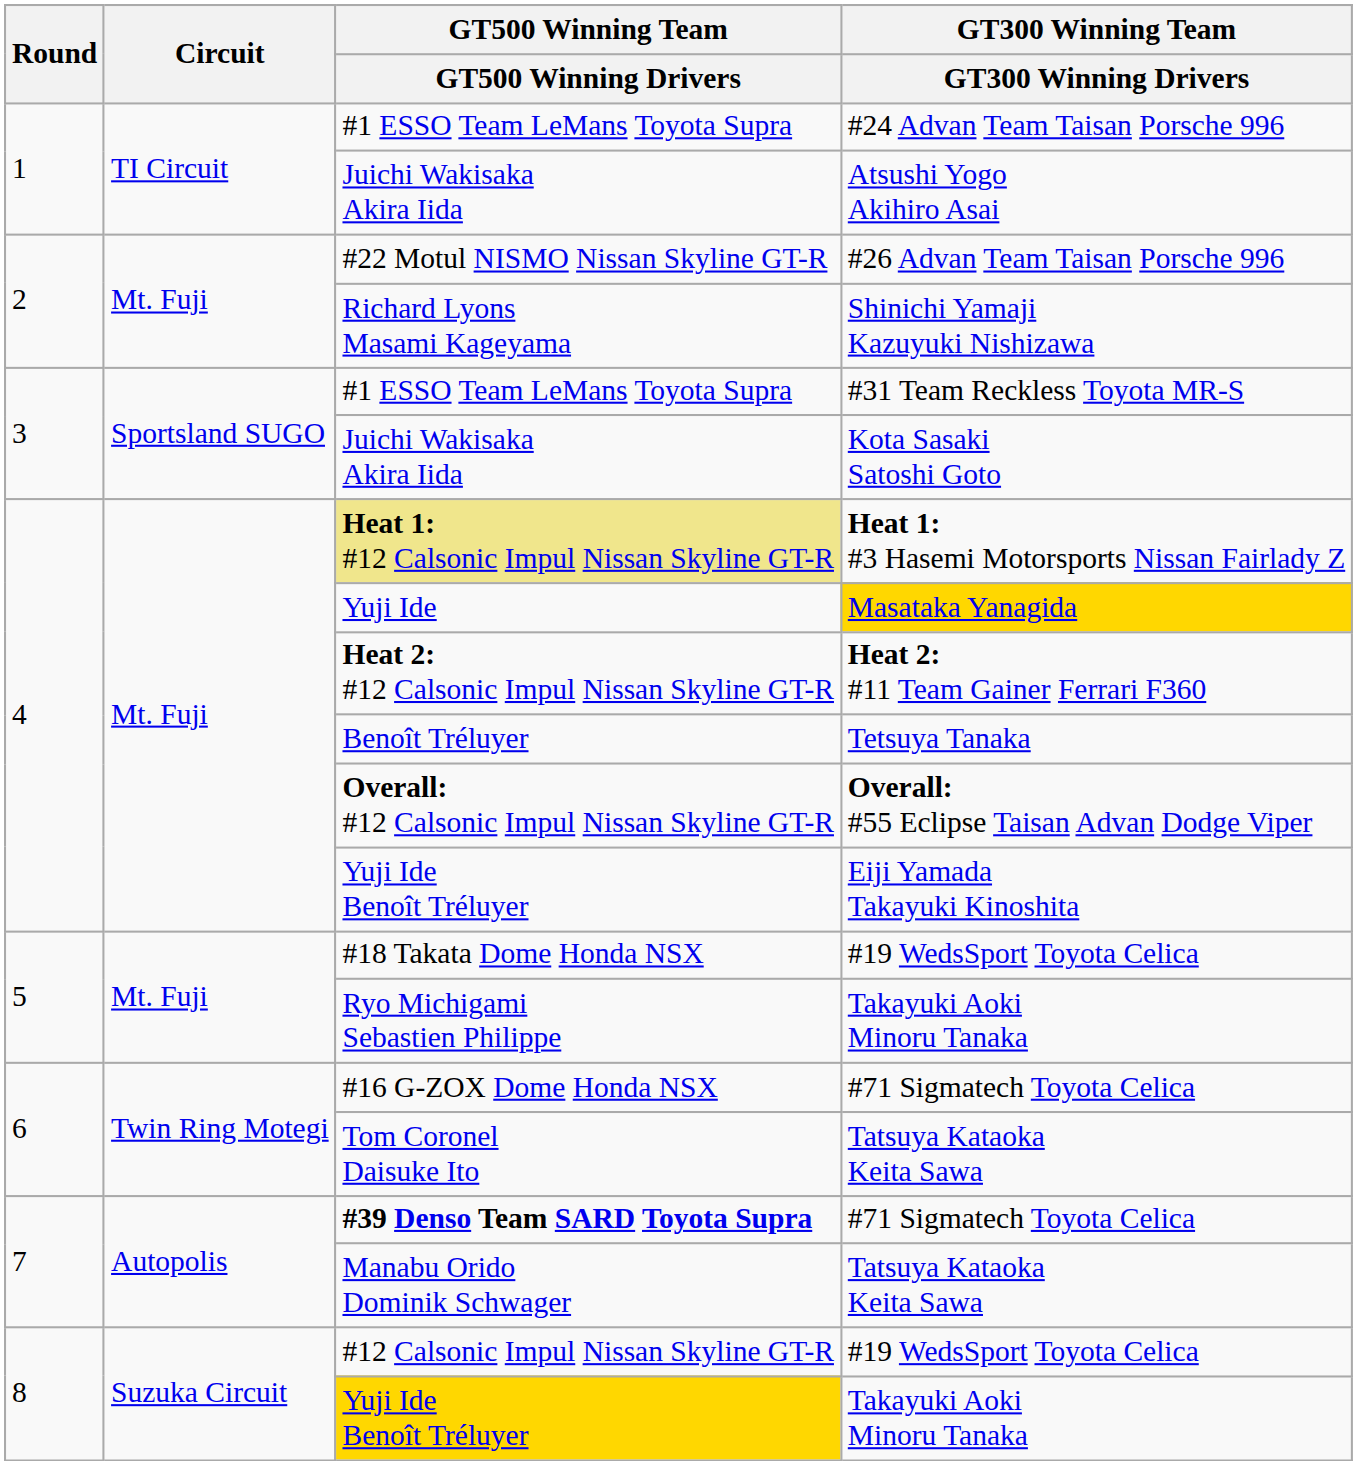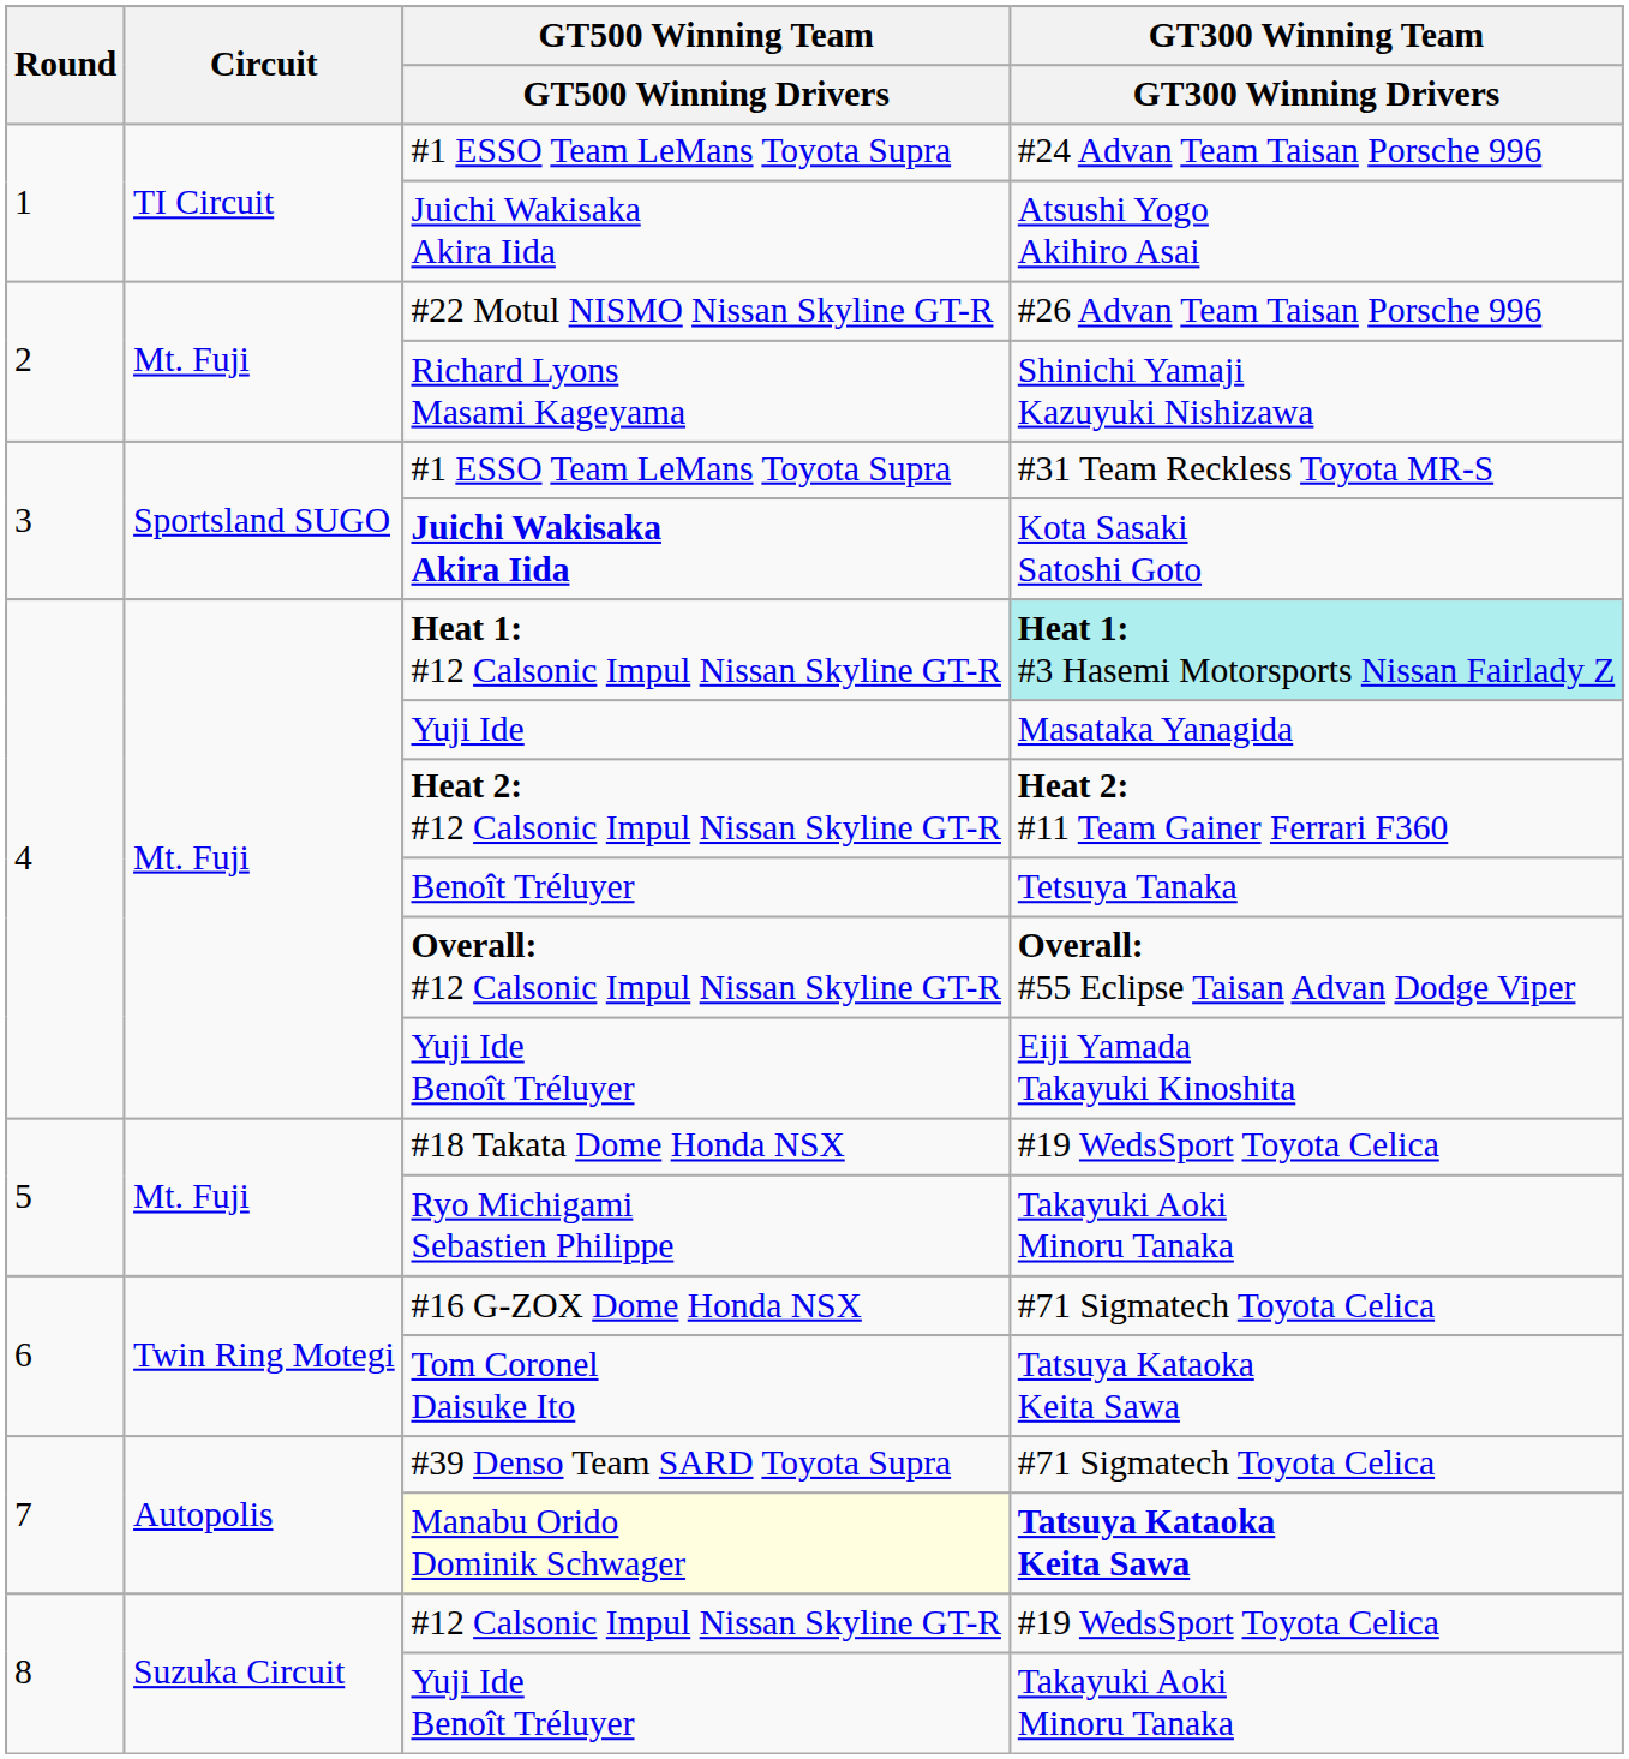 <table class="wikitable" style="font-size: 90%;">
 <tr>
 <th rowspan=2>Round</th>
 <th rowspan=2>Circuit</th>
 <th>GT500 Winning Team</th>
 <th>GT300 Winning Team</th>
 </tr>
 <tr>
 <th>GT500 Winning Drivers</th>
 <th>GT300 Winning Drivers</th>
 </tr>
 <tr>
 <td rowspan=2>1</td>
 <td rowspan=2><a href='#'>TI Circuit</a></td>
 <td>#1 <a href='#'>ESSO</a> <a href='#'>Team LeMans</a>  <a href='#'>Toyota Supra</a></td>
 <td>#24 <a href='#'>Advan</a> <a href='#'>Team Taisan</a> <a href='#'>Porsche 996</a></td>
 </tr>
 <tr>
 <td> <a href='#'>Juichi Wakisaka</a><br> <a href='#'>Akira Iida</a></td>
 <td> <a href='#'>Atsushi Yogo</a><br> <a href='#'>Akihiro Asai</a></td>
 </tr>
 <tr>
 <td rowspan=2>2</td>
 <td rowspan=2><a href='#'>Mt. Fuji</a></td>
 <td>#22 Motul <a href='#'>NISMO</a> <a href='#'>Nissan Skyline GT-R</a></td>
 <td>#26 <a href='#'>Advan</a> <a href='#'>Team Taisan</a> <a href='#'>Porsche 996</a></td>
 </tr>
 <tr>
 <td> <a href='#'>Richard Lyons</a><br> <a href='#'>Masami Kageyama</a></td>
 <td> <a href='#'>Shinichi Yamaji</a><br> <a href='#'>Kazuyuki Nishizawa</a></td>
 </tr>
 <tr>
 <td rowspan=2>3</td>
 <td rowspan=2><a href='#'>Sportsland SUGO</a></td>
 <td>#1 <a href='#'>ESSO</a> <a href='#'>Team LeMans</a>  <a href='#'>Toyota Supra</a></td>
 <td>#31 Team Reckless <a href='#'>Toyota MR-S</a></td>
 </tr>
 <tr>
-<td> <a href='#'>Juichi Wakisaka</a><br> <a href='#'>Akira Iida</a></td>
+<td><strong> <a href='#'>Juichi Wakisaka</a><br> <a href='#'>Akira Iida</a></strong></td>
 <td> <a href='#'>Kota Sasaki</a><br> <a href='#'>Satoshi Goto</a></td>
 </tr>
 <tr>
 <td rowspan=6>4</td>
 <td rowspan=6><a href='#'>Mt. Fuji</a></td>
-<td style="background: khaki;"><strong>Heat 1:</strong><br>#12 <a href='#'>Calsonic</a> <a href='#'>Impul</a> <a href='#'>Nissan Skyline GT-R</a></td>
-<td><strong>Heat 1:</strong><br>#3 Hasemi Motorsports <a href='#'>Nissan Fairlady Z</a></td>
+<td><strong>Heat 1:</strong><br>#12 <a href='#'>Calsonic</a> <a href='#'>Impul</a> <a href='#'>Nissan Skyline GT-R</a></td>
+<td style="background: paleturquoise;"><strong>Heat 1:</strong><br>#3 Hasemi Motorsports <a href='#'>Nissan Fairlady Z</a></td>
 </tr>
 <tr>
 <td> <a href='#'>Yuji Ide</a></td>
-<td style="background: gold;"> <a href='#'>Masataka Yanagida</a></td>
+<td> <a href='#'>Masataka Yanagida</a></td>
 </tr>
 <tr>
 <td><strong>Heat 2:</strong><br>#12 <a href='#'>Calsonic</a> <a href='#'>Impul</a> <a href='#'>Nissan Skyline GT-R</a></td>
 <td><strong>Heat 2:</strong><br>#11 <a href='#'>Team Gainer</a> <a href='#'>Ferrari F360</a></td>
 </tr>
 <tr>
 <td> <a href='#'>Benoît Tréluyer</a></td>
 <td> <a href='#'>Tetsuya Tanaka</a></td>
 </tr>
 <tr>
 <td><strong>Overall:</strong><br>#12 <a href='#'>Calsonic</a> <a href='#'>Impul</a> <a href='#'>Nissan Skyline GT-R</a></td>
 <td><strong>Overall:</strong><br>#55 Eclipse <a href='#'>Taisan</a> <a href='#'>Advan</a> <a href='#'>Dodge Viper</a></td>
 </tr>
 <tr>
 <td> <a href='#'>Yuji Ide</a><br> <a href='#'>Benoît Tréluyer</a></td>
 <td> <a href='#'>Eiji Yamada</a><br> <a href='#'>Takayuki Kinoshita</a></td>
 </tr>
 <tr>
 <td rowspan=2>5</td>
 <td rowspan=2><a href='#'>Mt. Fuji</a></td>
 <td>#18 Takata <a href='#'>Dome</a> <a href='#'>Honda NSX</a></td>
 <td>#19 <a href='#'>WedsSport</a> <a href='#'>Toyota Celica</a></td>
 </tr>
 <tr>
 <td> <a href='#'>Ryo Michigami</a><br> <a href='#'>Sebastien Philippe</a></td>
 <td> <a href='#'>Takayuki Aoki</a><br> <a href='#'>Minoru Tanaka</a></td>
 </tr>
 <tr>
 <td rowspan=2>6</td>
 <td rowspan=2><a href='#'>Twin Ring Motegi</a></td>
 <td>#16 G-ZOX <a href='#'>Dome</a> <a href='#'>Honda NSX</a></td>
 <td>#71 Sigmatech <a href='#'>Toyota Celica</a></td>
 </tr>
 <tr>
 <td> <a href='#'>Tom Coronel</a><br> <a href='#'>Daisuke Ito</a></td>
 <td> <a href='#'>Tatsuya Kataoka</a><br> <a href='#'>Keita Sawa</a></td>
 </tr>
 <tr>
 <td rowspan=2>7</td>
 <td rowspan=2><a href='#'>Autopolis</a></td>
-<td><strong>#39 <a href='#'>Denso</a> Team <a href='#'>SARD</a> <a href='#'>Toyota Supra</a></strong></td>
+<td>#39 <a href='#'>Denso</a> Team <a href='#'>SARD</a> <a href='#'>Toyota Supra</a></td>
 <td>#71 Sigmatech <a href='#'>Toyota Celica</a></td>
 </tr>
 <tr>
-<td> <a href='#'>Manabu Orido</a><br> <a href='#'>Dominik Schwager</a></td>
-<td> <a href='#'>Tatsuya Kataoka</a><br> <a href='#'>Keita Sawa</a></td>
+<td style="background: lightyellow;"> <a href='#'>Manabu Orido</a><br> <a href='#'>Dominik Schwager</a></td>
+<td><strong> <a href='#'>Tatsuya Kataoka</a><br> <a href='#'>Keita Sawa</a></strong></td>
 </tr>
 <tr>
 <td rowspan=2>8</td>
 <td rowspan=2><a href='#'>Suzuka Circuit</a></td>
 <td>#12 <a href='#'>Calsonic</a> <a href='#'>Impul</a> <a href='#'>Nissan Skyline GT-R</a></td>
 <td>#19 <a href='#'>WedsSport</a> <a href='#'>Toyota Celica</a></td>
 </tr>
 <tr>
-<td style="background: gold;"> <a href='#'>Yuji Ide</a><br> <a href='#'>Benoît Tréluyer</a></td>
+<td> <a href='#'>Yuji Ide</a><br> <a href='#'>Benoît Tréluyer</a></td>
 <td> <a href='#'>Takayuki Aoki</a><br> <a href='#'>Minoru Tanaka</a></td>
 </tr>
 </table>
